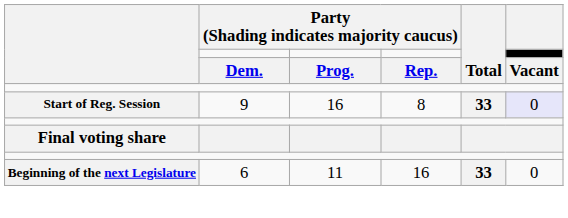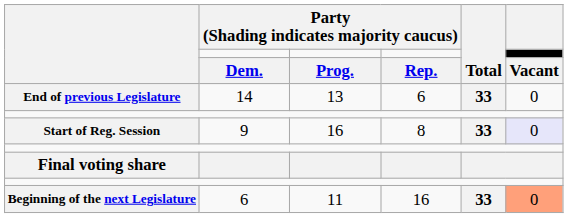 <table class=wikitable style="text-align:center">
 <tr style="vertical-align:bottom;">
 <th rowspan=3></th>
 <th colspan=3>Party <div>(Shading indicates majority caucus)</div></th>
 <th rowspan=3>Total</th>
 <th></th>
 </tr>
 <tr style="height:5px">
 <td style="background-color:"></td>
 <td style="background-color:"></td>
 <td style="background-color:"></td>
 <td style="background:black;"></td>
 </tr>
 <tr>
 <th><a href='#'>Dem.</a></th>
 <th><a href='#'>Prog.</a></th>
 <th><a href='#'>Rep.</a></th>
 <th>Vacant</th>
+</tr>
+<tr>
+<th style="font-size:80%;">End of <a href='#'>previous Legislature</a></th>
+<td>14</td>
+<td>13</td>
+<td>6</td>
+<th>33</th>
+<td>0</td>
 </tr>
 <tr>
 <td colspan=6></td>
 </tr>
 <tr>
 <th style="font-size:80%;">Start of Reg. Session</th>
 <td>9</td>
 <td>16</td>
 <td>8</td>
 <th>33</th>
 <td style="background: lavender;">0</td>
 </tr>
 <tr>
 <td colspan=6></td>
 </tr>
 <tr>
 <th>Final voting share</th>
 <th></th>
 <th></th>
 <th></th>
 <th colspan=2></th>
 </tr>
 <tr>
 <td colspan=6></td>
 </tr>
 <tr>
 <th style="font-size:80%;">Beginning of the <a href='#'>next Legislature</a></th>
 <td>6</td>
 <td>11</td>
 <td>16</td>
 <th>33</th>
-<td>0</td>
+<td style="background: lightsalmon;">0</td>
 </tr>
 </table>
